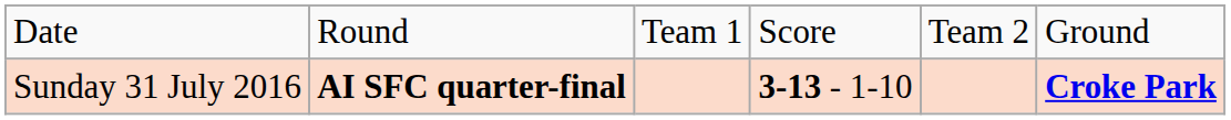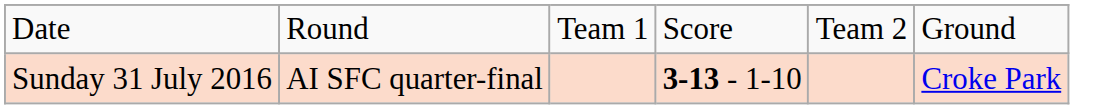 <table class="wikitable">
 <tr>
 <td>Date</td>
 <td>Round</td>
 <td>Team 1</td>
 <td>Score</td>
 <td>Team 2</td>
 <td>Ground</td>
 </tr>
 <tr style="background:#fcdbcb;">
 <td>Sunday 31 July 2016</td>
-<td><strong>AI SFC quarter-final</strong></td>
+<td>AI SFC quarter-final</td>
 <td> </td>
 <td><strong>3-13</strong> - 1-10</td>
 <td> </td>
-<td><strong><a href='#'>Croke Park</a></strong></td>
+<td><a href='#'>Croke Park</a></td>
 </tr>
 </table>
